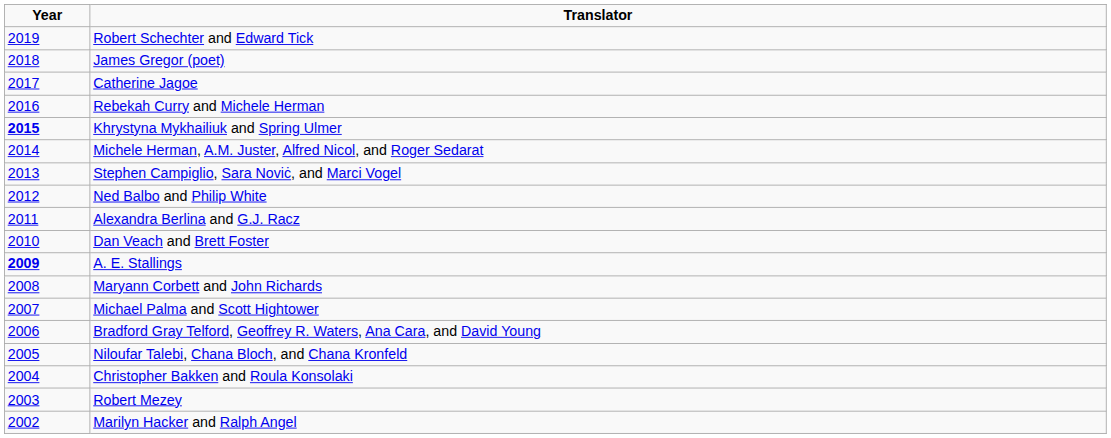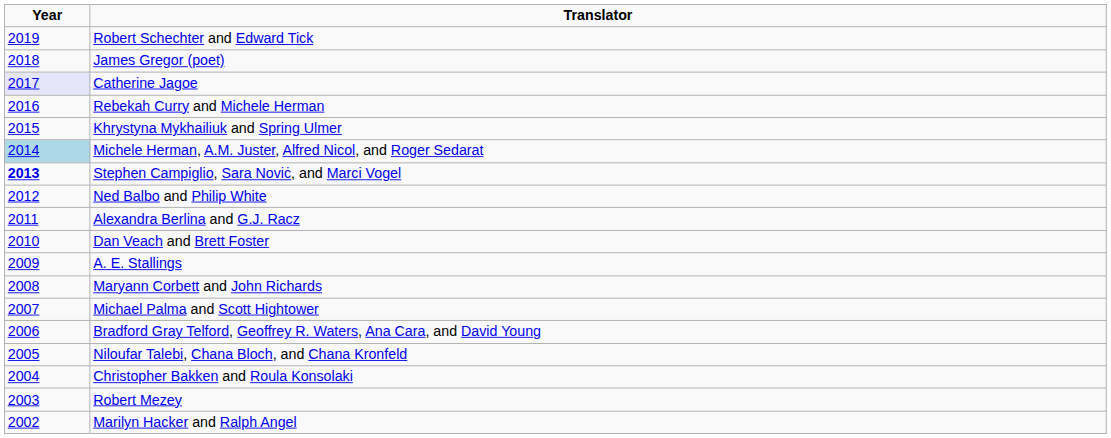 <table class="wikitable" style="width: 98%;">
 <tr align=center>
 <td><strong>Year</strong></td>
 <td><strong>Translator</strong></td>
 </tr>
 <tr>
 <td><a href='#'>2019</a></td>
 <td><a href='#'>Robert Schechter</a> and <a href='#'>Edward Tick</a></td>
 </tr>
 <tr>
 <td><a href='#'>2018</a></td>
 <td><a href='#'>James Gregor (poet)</a></td>
 </tr>
 <tr>
-<td><a href='#'>2017</a></td>
+<td style="background: lavender;"><a href='#'>2017</a></td>
 <td><a href='#'>Catherine Jagoe</a></td>
 </tr>
 <tr>
 <td><a href='#'>2016</a></td>
 <td><a href='#'>Rebekah Curry</a> and <a href='#'>Michele Herman</a></td>
 </tr>
 <tr>
-<td><strong><a href='#'>2015</a></strong></td>
+<td><a href='#'>2015</a></td>
 <td><a href='#'>Khrystyna Mykhailiuk</a> and <a href='#'>Spring Ulmer</a></td>
 </tr>
 <tr>
-<td><a href='#'>2014</a></td>
+<td style="background: lightblue;"><a href='#'>2014</a></td>
 <td><a href='#'>Michele Herman</a>, <a href='#'>A.M. Juster</a>, <a href='#'>Alfred Nicol</a>, and <a href='#'>Roger Sedarat</a></td>
 </tr>
 <tr>
-<td><a href='#'>2013</a></td>
+<td><strong><a href='#'>2013</a></strong></td>
 <td><a href='#'>Stephen Campiglio</a>, <a href='#'>Sara Noviċ</a>, and <a href='#'>Marci Vogel</a></td>
 </tr>
 <tr>
 <td><a href='#'>2012</a></td>
 <td><a href='#'>Ned Balbo</a> and <a href='#'>Philip White</a></td>
 </tr>
 <tr>
 <td><a href='#'>2011</a></td>
 <td><a href='#'>Alexandra Berlina</a> and <a href='#'>G.J. Racz</a></td>
 </tr>
 <tr>
 <td><a href='#'>2010</a></td>
 <td><a href='#'>Dan Veach</a> and <a href='#'>Brett Foster</a></td>
 </tr>
 <tr>
-<td><strong><a href='#'>2009</a></strong></td>
+<td><a href='#'>2009</a></td>
 <td><a href='#'>A. E. Stallings</a></td>
 </tr>
 <tr>
 <td><a href='#'>2008</a></td>
 <td><a href='#'>Maryann Corbett</a> and <a href='#'>John Richards</a></td>
 </tr>
 <tr>
 <td><a href='#'>2007</a></td>
 <td><a href='#'>Michael Palma</a> and <a href='#'>Scott Hightower</a></td>
 </tr>
 <tr>
 <td><a href='#'>2006</a></td>
 <td><a href='#'>Bradford Gray Telford</a>, <a href='#'>Geoffrey R. Waters</a>, <a href='#'>Ana Cara</a>, and <a href='#'>David Young</a></td>
 </tr>
 <tr>
 <td><a href='#'>2005</a></td>
 <td><a href='#'>Niloufar Talebi</a>, <a href='#'>Chana Bloch</a>, and <a href='#'>Chana Kronfeld</a></td>
 </tr>
 <tr>
 <td><a href='#'>2004</a></td>
 <td><a href='#'>Christopher Bakken</a> and <a href='#'>Roula Konsolaki</a></td>
 </tr>
 <tr>
 <td><a href='#'>2003</a></td>
 <td><a href='#'>Robert Mezey</a></td>
 </tr>
 <tr>
 <td><a href='#'>2002</a></td>
 <td><a href='#'>Marilyn Hacker</a> and <a href='#'>Ralph Angel</a></td>
 </tr>
 </table>
